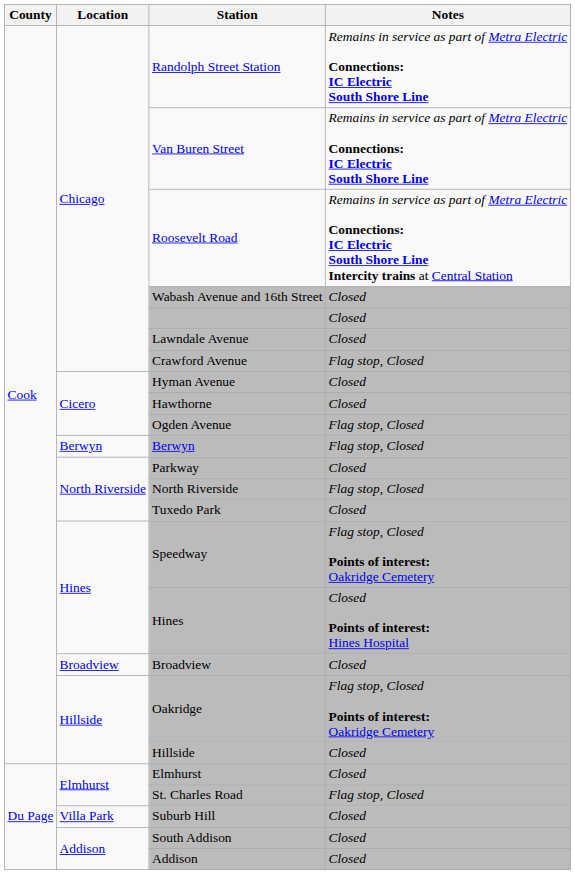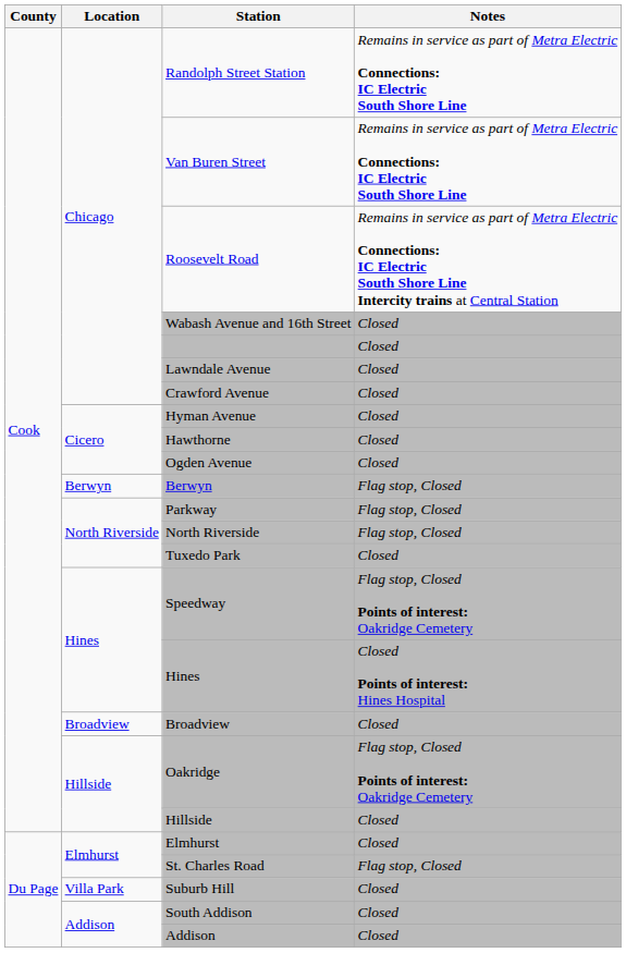 <table class="wikitable plainrowheaders">
 <tr>
 <th scope="col">County</th>
 <th scope="col">Location</th>
 <th scope="col">Station</th>
 <th scope="col">Notes</th>
 </tr>
 <tr>
 <td rowspan="19"><a href='#'>Cook</a></td>
 <td rowspan="7"><a href='#'>Chicago</a></td>
 <td><a href='#'>Randolph Street Station</a></td>
 <td><em>Remains in service as part of <a href='#'>Metra Electric</a></em><br><br><strong>Connections:</strong><br>  <strong><a href='#'>IC Electric</a></strong><br>  <strong><a href='#'>South Shore Line</a></strong></td>
 </tr>
 <tr>
 <td><a href='#'>Van Buren Street</a></td>
 <td><em>Remains in service as part of <a href='#'>Metra Electric</a></em><br><br><strong>Connections:</strong><br>  <strong><a href='#'>IC Electric</a></strong><br>  <strong><a href='#'>South Shore Line</a></strong></td>
 </tr>
 <tr>
 <td><a href='#'>Roosevelt Road</a></td>
 <td><em>Remains in service as part of <a href='#'>Metra Electric</a></em><br><br><strong>Connections:</strong><br>  <strong><a href='#'>IC Electric</a></strong><br>  <strong><a href='#'>South Shore Line</a></strong><br>  <strong>Intercity trains</strong> at <a href='#'>Central Station</a></td>
 </tr>
 <tr>
 <td style="background-color: #bbb">Wabash Avenue and 16th Street</td>
 <td style="background-color: #bbb"><em>Closed</em></td>
 </tr>
 <tr>
 <td style="background-color: #bbb"></td>
 <td style="background-color: #bbb"><em>Closed</em></td>
 </tr>
 <tr>
 <td style="background-color: #bbb">Lawndale Avenue</td>
 <td style="background-color: #bbb"><em>Closed</em></td>
 </tr>
 <tr>
 <td style="background-color: #bbb">Crawford Avenue</td>
-<td style="background-color: #bbb"><em>Flag stop, Closed</em></td>
+<td style="background-color: #bbb"><em>Closed</em></td>
 </tr>
 <tr>
 <td rowspan="3"><a href='#'>Cicero</a></td>
 <td style="background-color: #bbb">Hyman Avenue</td>
 <td style="background-color: #bbb"><em>Closed</em></td>
 </tr>
 <tr>
 <td style="background-color: #bbb">Hawthorne</td>
 <td style="background-color: #bbb"><em>Closed</em> </td>
 </tr>
 <tr>
 <td style="background-color: #bbb">Ogden Avenue</td>
-<td style="background-color: #bbb"><em>Flag stop, Closed</em></td>
+<td style="background-color: #bbb"><em>Closed</em></td>
 </tr>
 <tr>
 <td><a href='#'>Berwyn</a></td>
 <td style="background-color: #bbb"><a href='#'>Berwyn</a></td>
 <td style="background-color: #bbb"><em>Flag stop, Closed</em> </td>
 </tr>
 <tr>
 <td rowspan="3"><a href='#'>North Riverside</a></td>
 <td style="background-color: #bbb">Parkway</td>
-<td style="background-color: #bbb"><em>Closed</em> </td>
+<td style="background-color: #bbb"><em>Flag stop, Closed</em> </td>
 </tr>
 <tr>
 <td style="background-color: #bbb">North Riverside</td>
 <td style="background-color: #bbb"><em>Flag stop, Closed</em> </td>
 </tr>
 <tr>
 <td style="background-color: #bbb">Tuxedo Park</td>
 <td style="background-color: #bbb"><em>Closed</em></td>
 </tr>
 <tr>
 <td rowspan="2"><a href='#'>Hines</a></td>
 <td style="background-color: #bbb">Speedway</td>
 <td style="background-color: #bbb"><em>Flag stop, Closed</em> <br><br><strong>Points of interest:</strong><br> <a href='#'>Oakridge Cemetery</a></td>
 </tr>
 <tr>
 <td style="background-color: #bbb">Hines</td>
 <td style="background-color: #bbb"><em>Closed</em> <br><br><strong>Points of interest:</strong><br> <a href='#'>Hines Hospital</a></td>
 </tr>
 <tr>
 <td><a href='#'>Broadview</a></td>
 <td style="background-color: #bbb">Broadview</td>
 <td style="background-color: #bbb"><em>Closed</em> </td>
 </tr>
 <tr>
 <td rowspan="2"><a href='#'>Hillside</a></td>
 <td style="background-color: #bbb">Oakridge</td>
 <td style="background-color: #bbb"><em>Flag stop, Closed</em> <br><br><strong>Points of interest:</strong><br> <a href='#'>Oakridge Cemetery</a></td>
 </tr>
 <tr>
 <td style="background-color: #bbb">Hillside</td>
 <td style="background-color: #bbb"><em>Closed</em> </td>
 </tr>
 <tr>
 <td rowspan="5"><a href='#'>Du Page</a></td>
 <td rowspan="2"><a href='#'>Elmhurst</a></td>
 <td style="background-color: #bbb">Elmhurst</td>
 <td style="background-color: #bbb"><em>Closed</em></td>
 </tr>
 <tr>
 <td style="background-color: #bbb">St. Charles Road</td>
 <td style="background-color: #bbb"><em>Flag stop, Closed</em></td>
 </tr>
 <tr>
 <td><a href='#'>Villa Park</a></td>
 <td style="background-color: #bbb">Suburb Hill</td>
 <td style="background-color: #bbb"><em>Closed</em></td>
 </tr>
 <tr>
 <td rowspan=2><a href='#'>Addison</a></td>
 <td style="background-color: #bbb">South Addison</td>
 <td style="background-color: #bbb"><em>Closed</em></td>
 </tr>
 <tr>
 <td style="background-color: #bbb">Addison</td>
 <td style="background-color: #bbb"><em>Closed</em></td>
 </tr>
 </table>
